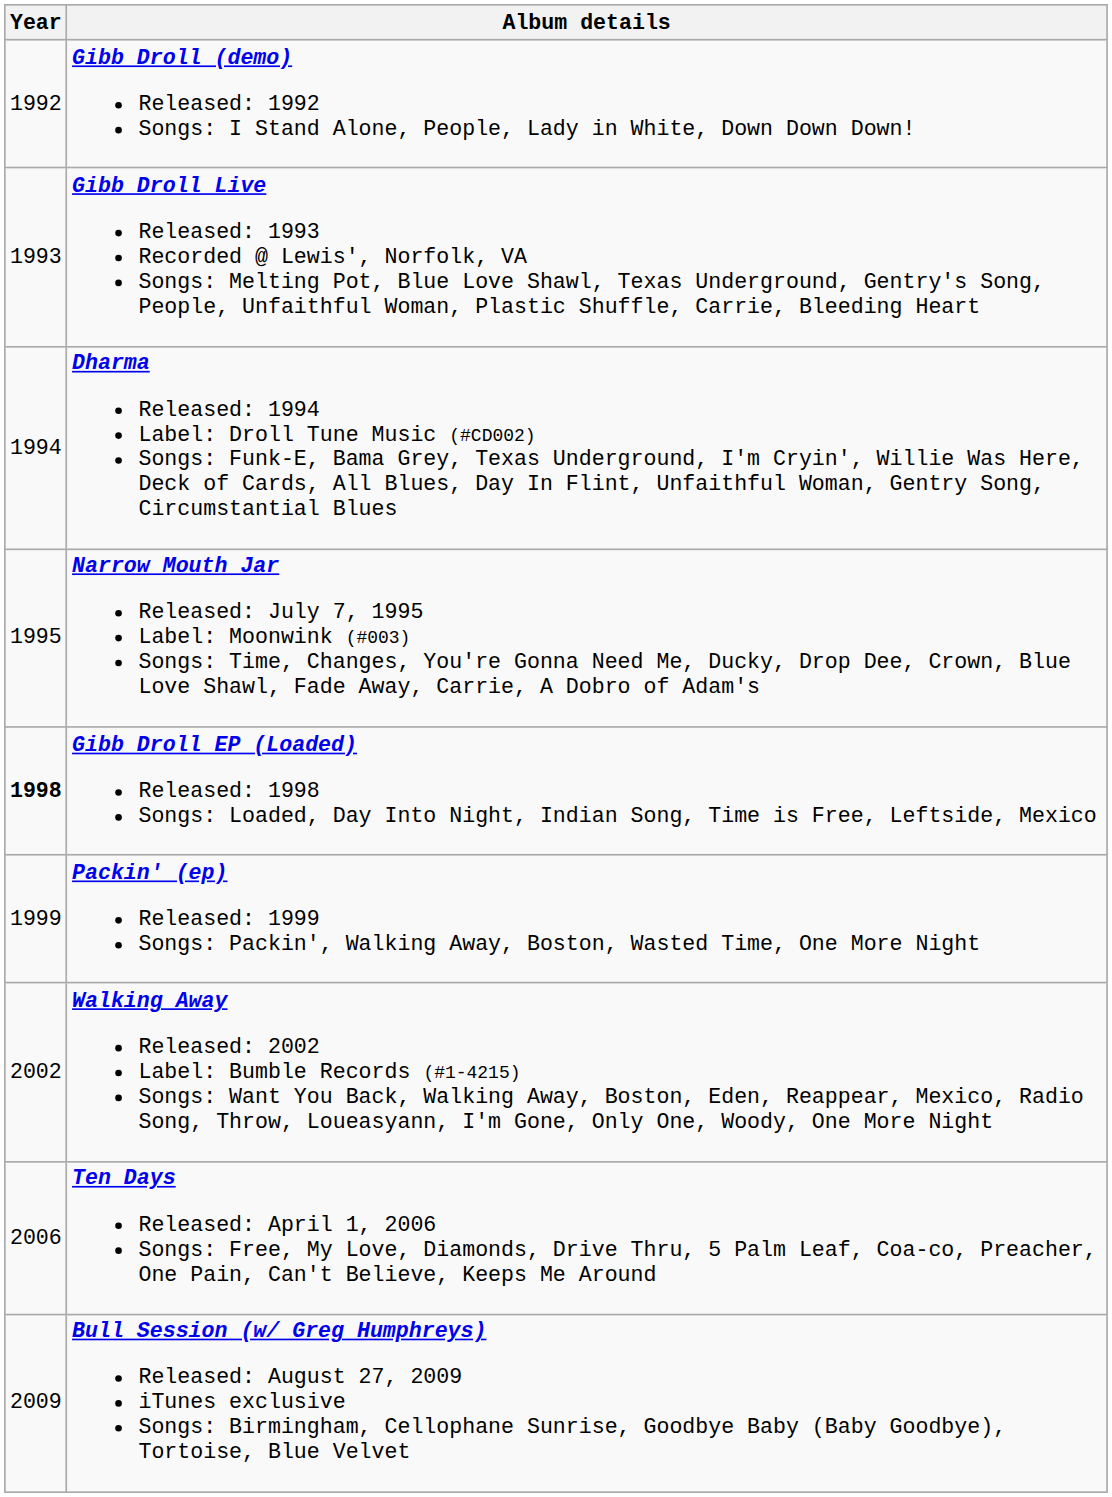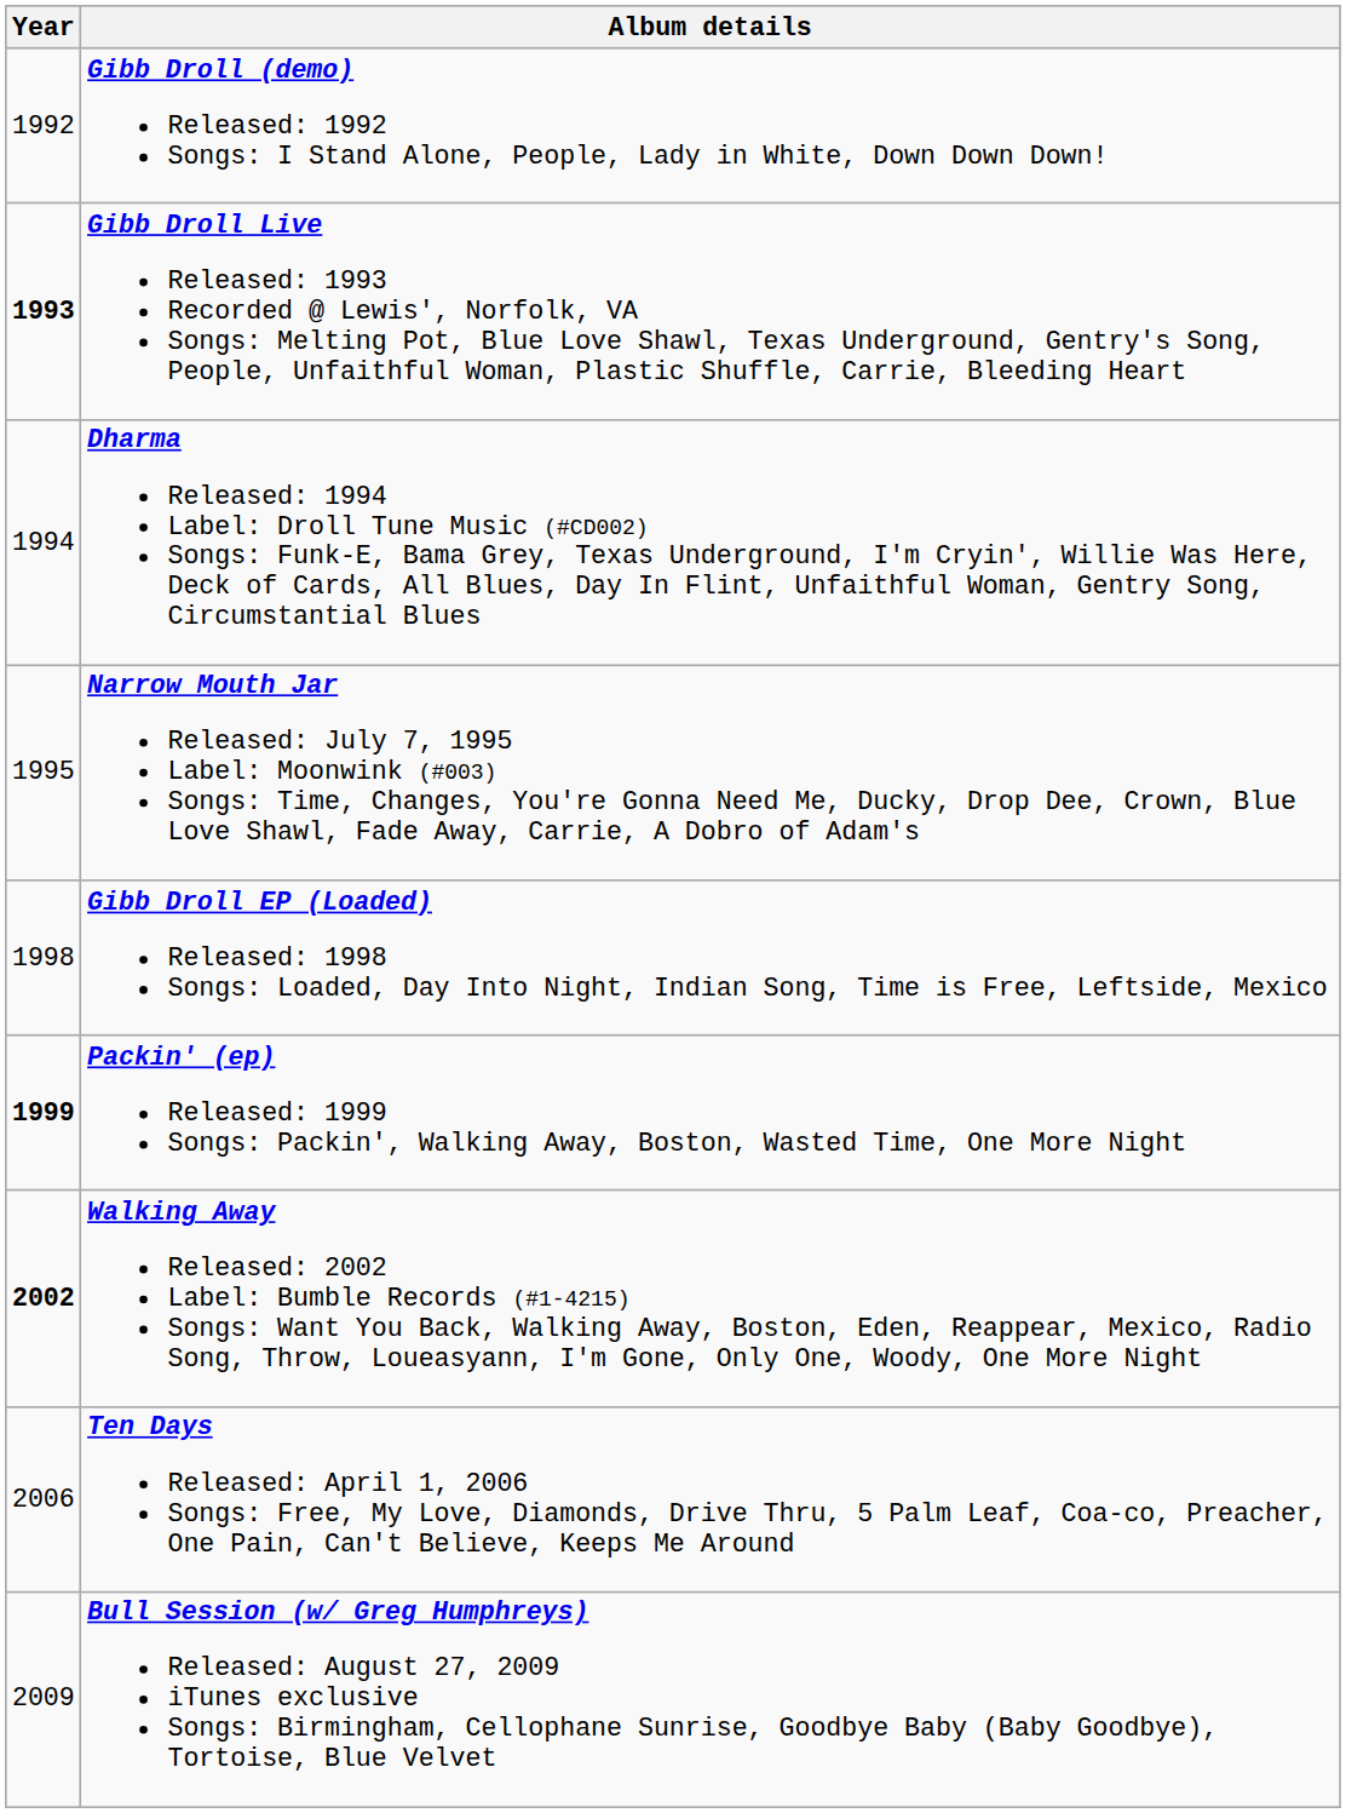 <table class="wikitable" border="1">
 <tr>
 <th>Year</th>
 <th width="620">Album details</th>
 </tr>
 <tr>
 <td align="center">1992</td>
 <td><strong><em><a href='#'>Gibb Droll (demo)</a></em></strong><br><ul><li>Released: 1992</li><li>Songs: I Stand Alone, People, Lady in White, Down Down Down!</li></ul></td>
 </tr>
 <tr>
-<td align="center">1993</td>
+<td align="center"><strong>1993</strong></td>
 <td><strong><em><a href='#'>Gibb Droll Live</a></em></strong><br><ul><li>Released: 1993</li><li>Recorded @ Lewis', Norfolk, VA</li><li>Songs: Melting Pot, Blue Love Shawl, Texas Underground, Gentry's Song, People, Unfaithful Woman, Plastic Shuffle, Carrie, Bleeding Heart</li></ul></td>
 </tr>
 <tr>
 <td align="center">1994</td>
 <td><strong><em><a href='#'>Dharma</a></em></strong><br><ul><li>Released: 1994</li><li>Label: Droll Tune Music <small>(#CD002)</small></li><li>Songs: Funk-E, Bama Grey, Texas Underground, I'm Cryin', Willie Was Here, Deck of Cards, All Blues, Day In Flint, Unfaithful Woman, Gentry Song, Circumstantial Blues</li></ul></td>
 </tr>
 <tr>
 <td align="center">1995</td>
 <td><strong><em><a href='#'>Narrow Mouth Jar</a></em></strong><br><ul><li>Released: July 7, 1995</li><li>Label: Moonwink <small>(#003)</small></li><li>Songs: Time, Changes, You're Gonna Need Me, Ducky, Drop Dee, Crown, Blue Love Shawl, Fade Away, Carrie, A Dobro of Adam's</li></ul></td>
 </tr>
 <tr>
-<td align="center"><strong>1998</strong></td>
+<td align="center">1998</td>
 <td><strong><em><a href='#'>Gibb Droll EP (Loaded)</a></em></strong><br><ul><li>Released: 1998</li><li>Songs: Loaded, Day Into Night, Indian Song, Time is Free, Leftside, Mexico</li></ul></td>
 </tr>
 <tr>
-<td align="center">1999</td>
+<td align="center"><strong>1999</strong></td>
 <td><strong><em><a href='#'>Packin' (ep)</a></em></strong><br><ul><li>Released: 1999</li><li>Songs: Packin', Walking Away, Boston, Wasted Time, One More Night</li></ul></td>
 </tr>
 <tr>
-<td align="center">2002</td>
+<td align="center"><strong>2002</strong></td>
 <td><strong><em><a href='#'>Walking Away</a></em></strong><br><ul><li>Released: 2002</li><li>Label: Bumble Records <small>(#1-4215)</small></li><li>Songs: Want You Back, Walking Away, Boston, Eden, Reappear, Mexico, Radio Song, Throw, Loueasyann, I'm Gone, Only One, Woody, One More Night</li></ul></td>
 </tr>
 <tr>
 <td align="center">2006</td>
 <td><strong><em><a href='#'>Ten Days</a></em></strong><br><ul><li>Released: April 1, 2006</li><li>Songs: Free, My Love, Diamonds, Drive Thru, 5 Palm Leaf, Coa-co, Preacher, One Pain, Can't Believe, Keeps Me Around</li></ul></td>
 </tr>
 <tr>
 <td align="center">2009</td>
 <td><strong><em><a href='#'>Bull Session (w/ Greg Humphreys)</a></em></strong><br><ul><li>Released: August 27, 2009</li><li>iTunes exclusive</li><li>Songs: Birmingham, Cellophane Sunrise, Goodbye Baby (Baby Goodbye), Tortoise, Blue Velvet</li></ul></td>
 </tr>
 </table>
